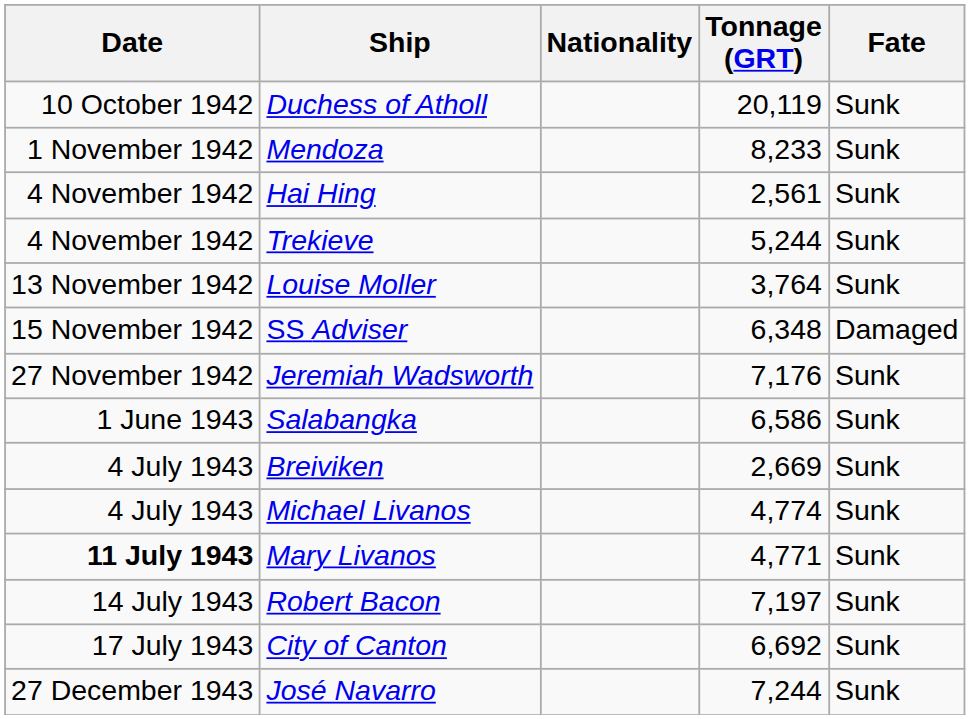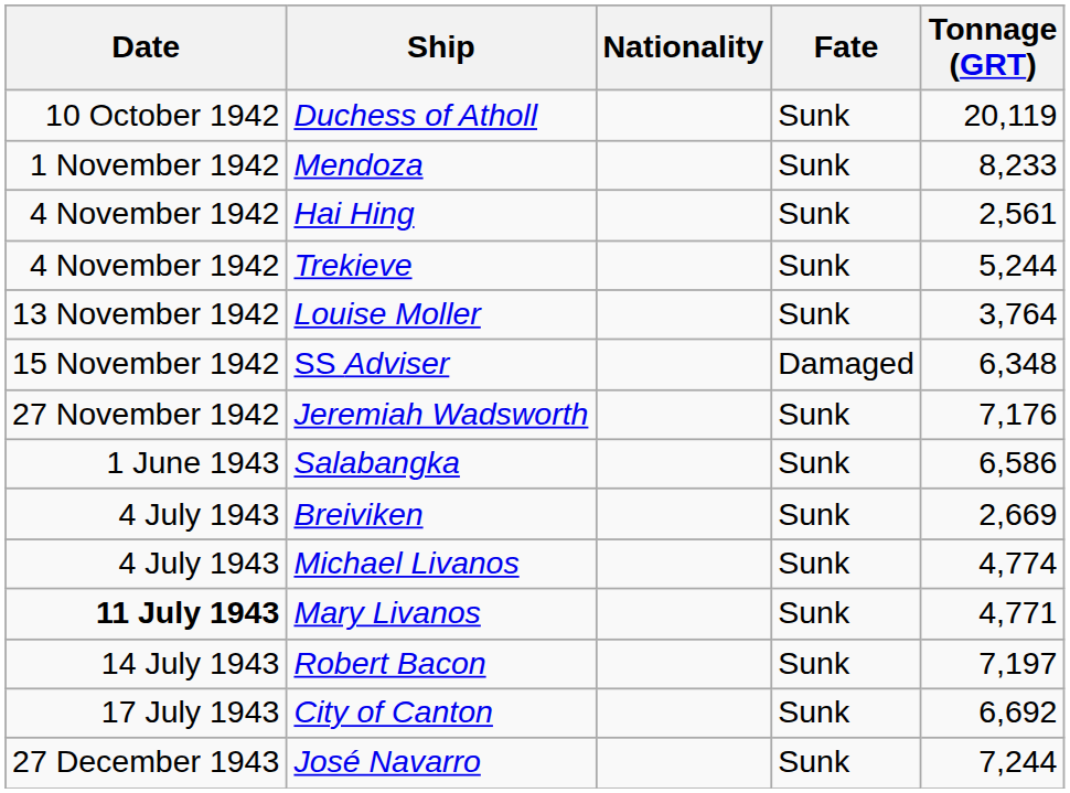 <table class="wikitable sortable" style="margin: 1em auto 1em auto;" style="margin: 1em auto 1em auto;">
 <tr>
 <th>Date</th>
 <th>Ship</th>
 <th>Nationality</th>
+<th>Fate</th>
 <th>Tonnage<br>(<a href='#'>GRT</a>)</th>
-<th>Fate</th>
 </tr>
 <tr>
 <td align="right">10 October 1942</td>
 <td align="left"><a href='#'><em>Duchess of Atholl</em></a></td>
 <td align="left"></td>
+<td align="left">Sunk</td>
 <td align="right">20,119</td>
-<td align="left">Sunk</td>
 </tr>
 <tr>
 <td align="right">1 November 1942</td>
 <td align="left"><a href='#'><em>Mendoza</em></a></td>
 <td align="left"></td>
+<td align="left">Sunk</td>
 <td align="right">8,233</td>
-<td align="left">Sunk</td>
 </tr>
 <tr>
 <td align="right">4 November 1942</td>
 <td align="left"><a href='#'><em>Hai Hing</em></a></td>
 <td align="left"></td>
+<td align="left">Sunk</td>
 <td align="right">2,561</td>
-<td align="left">Sunk</td>
 </tr>
 <tr>
 <td align="right">4 November 1942</td>
 <td align="left"><a href='#'><em>Trekieve</em></a></td>
 <td align="left"></td>
+<td align="left">Sunk</td>
 <td align="right">5,244</td>
-<td align="left">Sunk</td>
 </tr>
 <tr>
 <td align="right">13 November 1942</td>
 <td align="left"><a href='#'><em>Louise Moller</em></a></td>
 <td align="left"></td>
+<td align="left">Sunk</td>
 <td align="right">3,764</td>
-<td align="left">Sunk</td>
 </tr>
 <tr>
 <td align="right">15 November 1942</td>
 <td align="left"><a href='#'>SS <em>Adviser</em></a></td>
 <td align="left"></td>
+<td align="left">Damaged</td>
 <td align="right">6,348</td>
-<td align="left">Damaged</td>
 </tr>
 <tr>
 <td align="right">27 November 1942</td>
 <td align="left"><a href='#'><em>Jeremiah Wadsworth</em></a></td>
 <td align="left"></td>
+<td align="left">Sunk</td>
 <td align="right">7,176</td>
-<td align="left">Sunk</td>
 </tr>
 <tr>
 <td align="right">1 June 1943</td>
 <td align="left"><a href='#'><em>Salabangka</em></a></td>
 <td align="left"></td>
+<td align="left">Sunk</td>
 <td align="right">6,586</td>
-<td align="left">Sunk</td>
 </tr>
 <tr>
 <td align="right">4 July 1943</td>
 <td align="left"><a href='#'><em>Breiviken</em></a></td>
 <td align="left"></td>
+<td align="left">Sunk</td>
 <td align="right">2,669</td>
-<td align="left">Sunk</td>
 </tr>
 <tr>
 <td align="right">4 July 1943</td>
 <td align="left"><a href='#'><em>Michael Livanos</em></a></td>
 <td align="left"></td>
+<td align="left">Sunk</td>
 <td align="right">4,774</td>
-<td align="left">Sunk</td>
 </tr>
 <tr>
 <td align="right"><strong>11 July 1943</strong></td>
 <td align="left"><a href='#'><em>Mary Livanos</em></a></td>
 <td align="left"></td>
+<td align="left">Sunk</td>
 <td align="right">4,771</td>
-<td align="left">Sunk</td>
 </tr>
 <tr>
 <td align="right">14 July 1943</td>
 <td align="left"><a href='#'><em>Robert Bacon</em></a></td>
 <td align="left"></td>
+<td align="left">Sunk</td>
 <td align="right">7,197</td>
-<td align="left">Sunk</td>
 </tr>
 <tr>
 <td align="right">17 July 1943</td>
 <td align="left"><a href='#'><em>City of Canton</em></a></td>
 <td align="left"></td>
+<td align="left">Sunk</td>
 <td align="right">6,692</td>
-<td align="left">Sunk</td>
 </tr>
 <tr>
 <td align="right">27 December 1943</td>
 <td align="left"><a href='#'><em>José Navarro</em></a></td>
 <td align="left"></td>
+<td align="left">Sunk</td>
 <td align="right">7,244</td>
-<td align="left">Sunk</td>
 </tr>
 </table>
